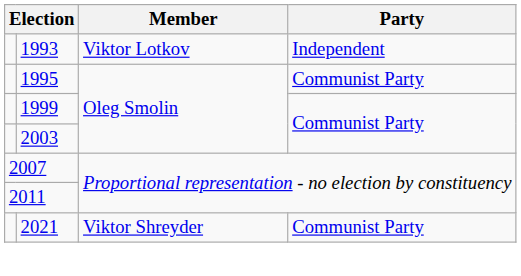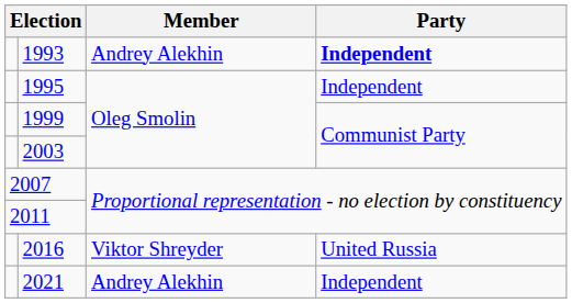 <table class="wikitable">
 <tr>
 <th colspan="2">Election</th>
 <th>Member</th>
 <th>Party</th>
 </tr>
 <tr>
 <td style="background-color:"></td>
 <td><a href='#'>1993</a></td>
-<td><a href='#'>Viktor Lotkov</a></td>
-<td><a href='#'>Independent</a></td>
+<td><a href='#'>Andrey Alekhin</a></td>
+<td><strong><a href='#'>Independent</a></strong></td>
 </tr>
 <tr>
 <td style="background-color:"></td>
 <td><a href='#'>1995</a></td>
 <td rowspan=3><a href='#'>Oleg Smolin</a></td>
-<td><a href='#'>Communist Party</a></td>
+<td><a href='#'>Independent</a></td>
 </tr>
 <tr>
 <td style="background-color:"></td>
 <td><a href='#'>1999</a></td>
 <td rowspan=2><a href='#'>Communist Party</a></td>
 </tr>
 <tr>
 <td style="background-color:"></td>
 <td><a href='#'>2003</a></td>
 </tr>
 <tr>
 <td colspan=2><a href='#'>2007</a></td>
 <td colspan=2 rowspan=2><em><a href='#'>Proportional representation</a> - no election by constituency</em></td>
 </tr>
 <tr>
 <td colspan=2><a href='#'>2011</a></td>
 </tr>
 <tr>
+<td style="background-color: "></td>
+<td><a href='#'>2016</a></td>
+<td><a href='#'>Viktor Shreyder</a></td>
+<td><a href='#'>United Russia</a></td>
+</tr>
+<tr>
 <td style="background-color:"></td>
 <td><a href='#'>2021</a></td>
-<td><a href='#'>Viktor Shreyder</a></td>
-<td><a href='#'>Communist Party</a></td>
+<td><a href='#'>Andrey Alekhin</a></td>
+<td><a href='#'>Independent</a></td>
 </tr>
 </table>
